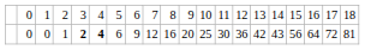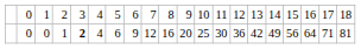 <table border="1" cellspacing="0" cellpadding="3" style="margin:0 0 0 0.5em; background:#fff; border-collapse:collapse; border-color:#7070090;" class="wikitable">
 <tr style="text-align:right;">
 <td>  </td>
 <td>  0</td>
 <td>  1</td>
 <td>  2</td>
 <td>  3</td>
 <td>  4</td>
 <td>  5</td>
 <td>  6</td>
 <td>7</td>
 <td>8</td>
 <td>9</td>
 <td>10</td>
 <td>11</td>
 <td>12</td>
 <td>13</td>
 <td>14</td>
 <td>15</td>
 <td>16</td>
 <td>17</td>
 <td>18</td>
 </tr>
 <tr style="text-align:right;">
 <td></td>
 <td>0</td>
 <td>0</td>
 <td>1</td>
 <td><strong>2</strong></td>
-<td><strong>4</strong></td>
+<td>4</td>
 <td>6</td>
 <td>9</td>
 <td>12</td>
 <td>16</td>
 <td>20</td>
 <td>25</td>
 <td>30</td>
 <td>36</td>
 <td>42</td>
-<td>43</td>
+<td>49</td>
 <td>56</td>
 <td>64</td>
-<td>72</td>
+<td>71</td>
 <td>81</td>
 </tr>
 </table>
